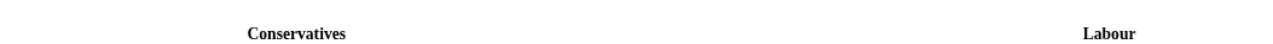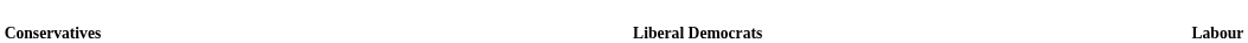 <table style="width:100%; text-align:center;">
 <tr style="color:white;">
 <td style="background:"><strong>44</strong></td>
+<td style="background:"><strong>11</strong></td>
 <td style="background:"><strong>2</strong></td>
 </tr>
 <tr>
 <td><span><strong>Conservatives</strong></span></td>
+<td><span><strong>Liberal Democrats</strong></span></td>
 <td><span><strong>Labour</strong></span></td>
 </tr>
 </table>
